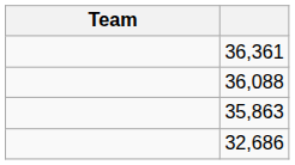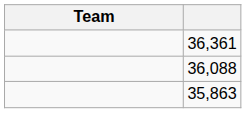 <table class="wikitable" style="display:inline-table;">
 <tr>
 <th width=170>Team</th>
 <th></th>
 </tr>
 <tr>
 <td></td>
 <td align=right>36,361</td>
 </tr>
 <tr>
 <td></td>
 <td align=right>36,088</td>
 </tr>
 <tr>
 <td></td>
 <td align=right>35,863</td>
 </tr>
-<tr>
-<td></td>
-<td align=right>32,686</td>
-</tr>
 </table>
